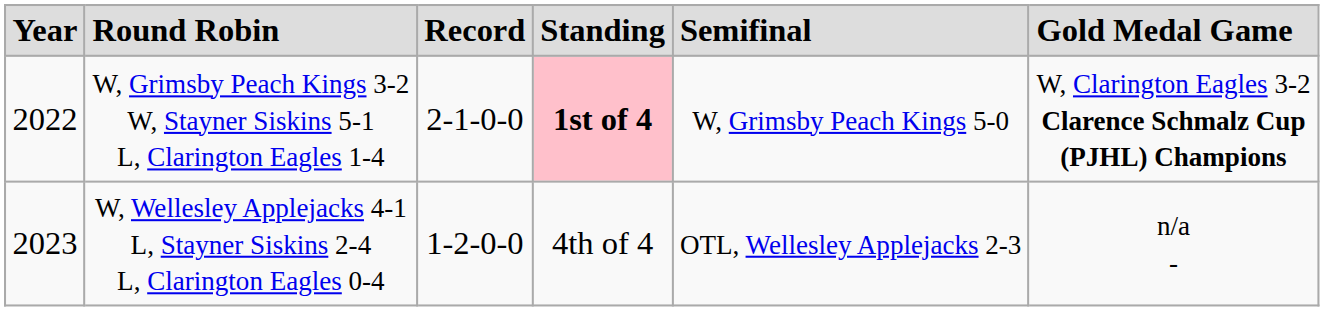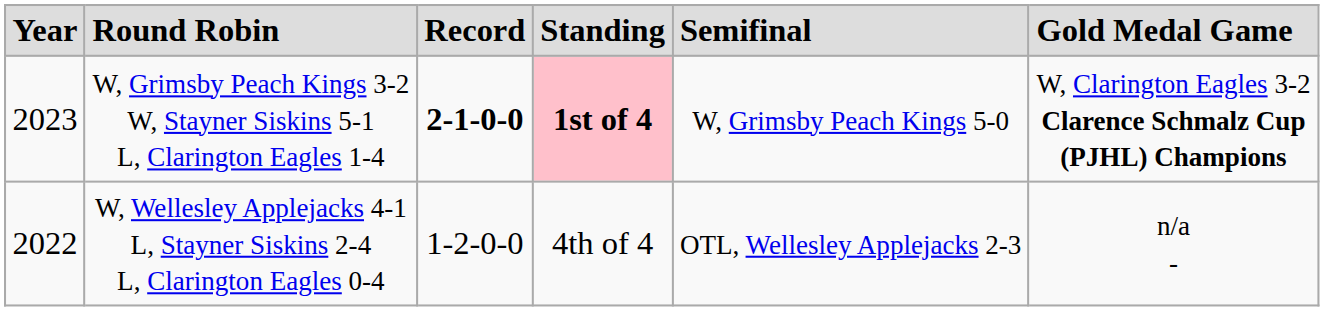 <table class="wikitable">
 <tr style="font-weight:bold; background-color:#dddddd;" |>
 <td>Year</td>
 <td>Round Robin</td>
 <td>Record</td>
 <td>Standing</td>
 <td>Semifinal</td>
 <td>Gold Medal Game</td>
 </tr>
 <tr align=center>
-<td>2022</td>
+<td>2023</td>
 <td><small>W, <a href='#'>Grimsby Peach Kings</a> 3-2<br>W, <a href='#'>Stayner Siskins</a> 5-1<br>L, <a href='#'>Clarington Eagles</a> 1-4</small></td>
-<td>2-1-0-0</td>
+<td><strong>2-1-0-0</strong></td>
 <td style="background: pink;"><strong>1st of 4</strong></td>
 <td><small>W, <a href='#'>Grimsby Peach Kings</a> 5-0</small></td>
 <td><small>W, <a href='#'>Clarington Eagles</a> 3-2</small><br><small><strong>Clarence Schmalz Cup <br>(PJHL) Champions</strong></small></td>
 </tr>
 <tr align=center>
-<td>2023</td>
+<td>2022</td>
 <td><small>W, <a href='#'>Wellesley Applejacks</a> 4-1<br>L, <a href='#'>Stayner Siskins</a> 2-4<br>L, <a href='#'>Clarington Eagles</a> 0-4</small></td>
 <td>1-2-0-0</td>
 <td>4th of 4</td>
 <td><small>OTL, <a href='#'>Wellesley Applejacks</a> 2-3</small></td>
 <td><small>n/a</small><br><small>-</small></td>
 </tr>
 </table>
